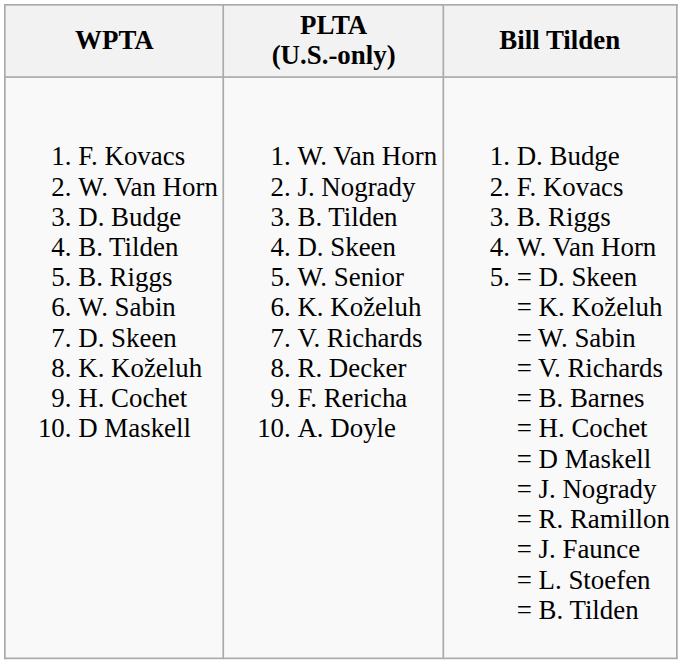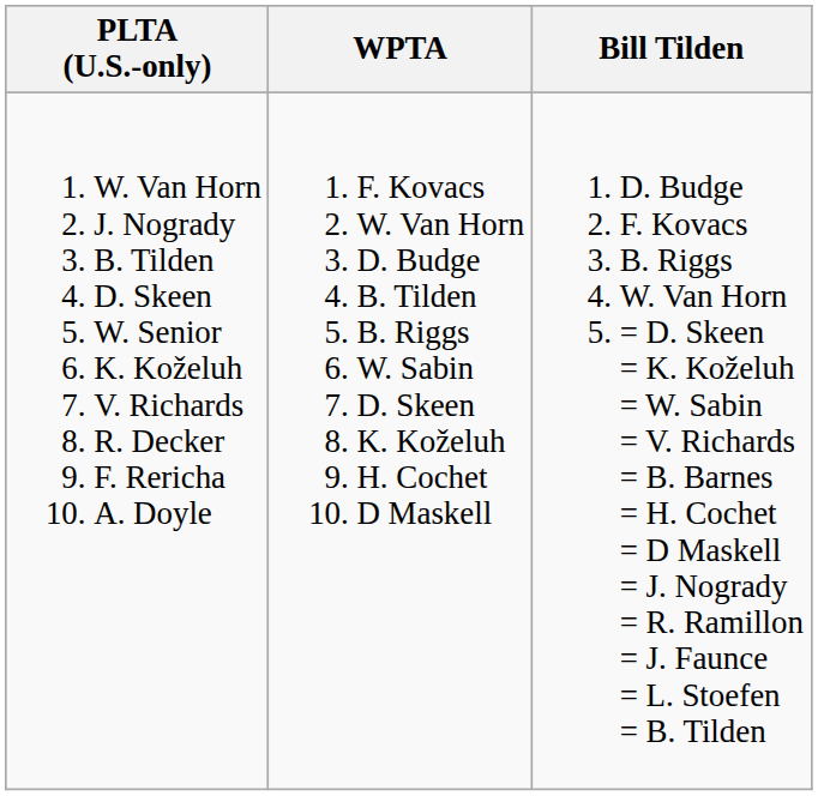 <table class="wikitable">
 <tr>
+<th>PLTA<br>(U.S.-only)</th>
 <th>WPTA</th>
-<th>PLTA<br>(U.S.-only)</th>
 <th>Bill Tilden<em></em></th>
 </tr>
 <tr style="vertical-align: top;">
+<td style="white-space: nowrap;"><br><ol><li> W. Van Horn</li><li> J. Nogrady</li><li> B. Tilden</li><li> D. Skeen</li><li> W. Senior</li><li> K. Koželuh</li><li> V. Richards</li><li> R. Decker</li><li> F. Rericha</li><li> A. Doyle</li></ol></td>
 <td style="white-space: nowrap;"><br><ol><li> F. Kovacs</li><li> W. Van Horn</li><li> D. Budge</li><li> B. Tilden</li><li> B. Riggs</li><li> W. Sabin</li><li> D. Skeen</li><li> K. Koželuh</li><li> H. Cochet</li><li> D Maskell</li></ol></td>
-<td style="white-space: nowrap;"><br><ol><li> W. Van Horn</li><li> J. Nogrady</li><li> B. Tilden</li><li> D. Skeen</li><li> W. Senior</li><li> K. Koželuh</li><li> V. Richards</li><li> R. Decker</li><li> F. Rericha</li><li> A. Doyle</li></ol></td>
 <td style="white-space: nowrap;"><br><ol><li> D. Budge</li><li> F. Kovacs</li><li> B. Riggs</li><li> W. Van Horn</li><li>= D. Skeen<br>= K. Koželuh<br>= W. Sabin<br>= V. Richards<br>= B. Barnes<br>= H. Cochet<br>= D Maskell<br>= J. Nogrady<br>= R. Ramillon<br>= J. Faunce<br>= L. Stoefen<br>= B. Tilden</li></ol></td>
 </tr>
 </table>
